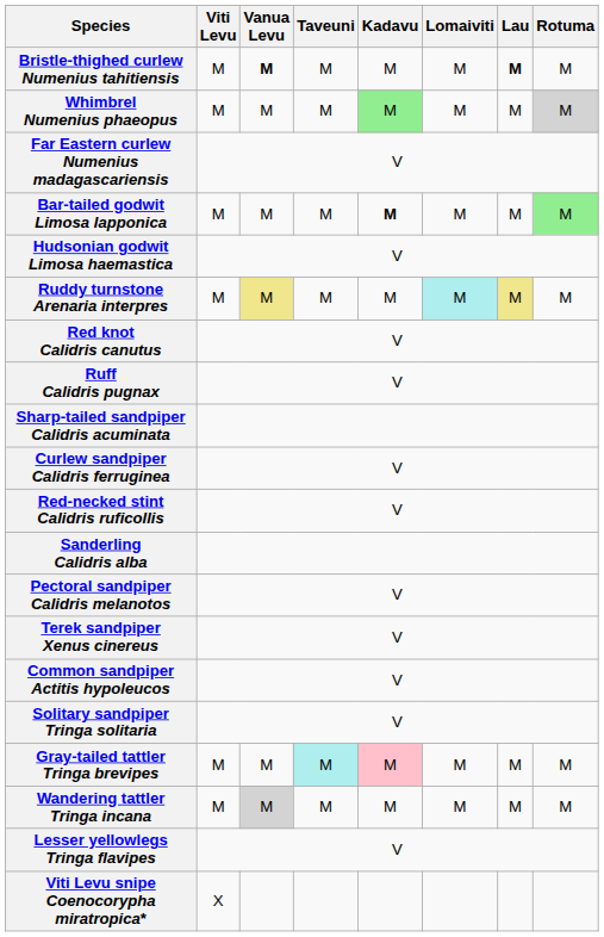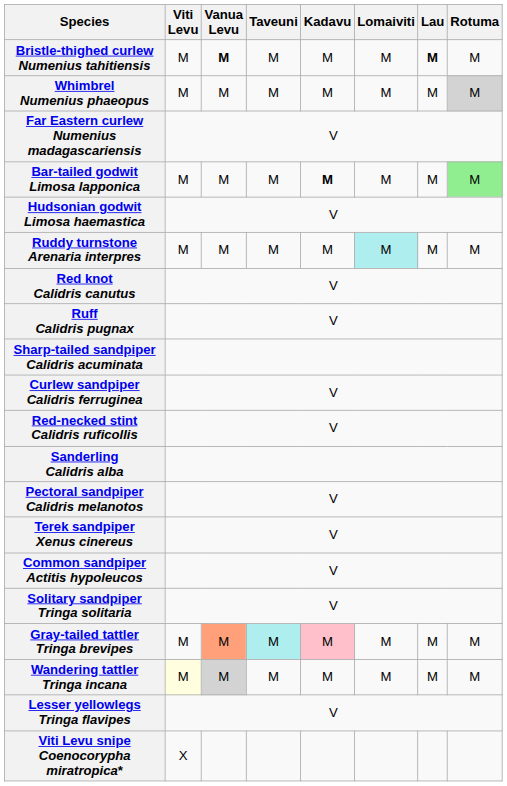 <table class="wikitable" style="text-align:center">
 <tr>
 <th width="225">Species</th>
 <th>Viti Levu</th>
 <th>Vanua Levu</th>
 <th>Taveuni</th>
 <th>Kadavu</th>
 <th>Lomaiviti</th>
 <th>Lau</th>
 <th>Rotuma</th>
 </tr>
 <tr>
 <th><a href='#'>Bristle-thighed curlew</a><br><em>Numenius tahitiensis</em></th>
 <td>M</td>
 <td><strong>M</strong></td>
 <td>M</td>
 <td>M</td>
 <td>M</td>
 <td><strong>M</strong></td>
 <td>M</td>
 </tr>
 <tr>
 <th><a href='#'>Whimbrel</a><br><em>Numenius phaeopus</em></th>
 <td>M</td>
 <td>M</td>
 <td>M</td>
-<td style="background: lightgreen;">M</td>
+<td>M</td>
 <td>M</td>
 <td>M</td>
 <td style="background: lightgrey;">M</td>
 </tr>
 <tr>
 <th><a href='#'>Far Eastern curlew</a><br><em>Numenius madagascariensis</em></th>
 <td colspan="8" align="center">V</td>
 </tr>
 <tr>
 <th><a href='#'>Bar-tailed godwit</a><br><em>Limosa lapponica</em></th>
 <td>M</td>
 <td>M</td>
 <td>M</td>
 <td><strong>M</strong></td>
 <td>M</td>
 <td>M</td>
 <td style="background: lightgreen;">M</td>
 </tr>
 <tr>
 <th><a href='#'>Hudsonian godwit</a><br><em>Limosa haemastica</em></th>
 <td colspan="8" align="center">V</td>
 </tr>
 <tr>
 <th><a href='#'>Ruddy turnstone</a><br><em>Arenaria interpres</em></th>
 <td>M</td>
-<td style="background: khaki;">M</td>
+<td>M</td>
 <td>M</td>
 <td>M</td>
 <td style="background: paleturquoise;">M</td>
-<td style="background: khaki;">M</td>
+<td>M</td>
 <td>M</td>
 </tr>
 <tr>
 <th><a href='#'>Red knot</a><br><em>Calidris canutus</em></th>
 <td colspan="8" align="center">V</td>
 </tr>
 <tr>
 <th><a href='#'>Ruff</a><br><em>Calidris pugnax</em></th>
 <td colspan="8" align="center">V</td>
 </tr>
 <tr>
 <th><a href='#'>Sharp-tailed sandpiper</a><br><em>Calidris acuminata</em></th>
 <td colspan="8" align="center"></td>
 </tr>
 <tr>
 <th><a href='#'>Curlew sandpiper</a><br><em>Calidris ferruginea</em></th>
 <td colspan="8" align="center">V</td>
 </tr>
 <tr>
 <th><a href='#'>Red-necked stint</a><br><em>Calidris ruficollis</em></th>
 <td colspan="8" align="center">V</td>
 </tr>
 <tr>
 <th><a href='#'>Sanderling</a><br><em>Calidris alba</em></th>
 <td colspan="8" align="center"></td>
 </tr>
 <tr>
 <th><a href='#'>Pectoral sandpiper</a><br><em>Calidris melanotos</em></th>
 <td colspan="8" align="center">V</td>
 </tr>
 <tr>
 <th><a href='#'>Terek sandpiper</a><br><em>Xenus cinereus</em></th>
 <td colspan="8" align="center">V</td>
 </tr>
 <tr>
 <th><a href='#'>Common sandpiper</a><br><em>Actitis hypoleucos</em></th>
 <td colspan="8" align="center">V</td>
 </tr>
 <tr>
 <th><a href='#'>Solitary sandpiper</a><br><em>Tringa solitaria</em></th>
 <td colspan="8" align="center">V</td>
 </tr>
 <tr>
 <th><a href='#'>Gray-tailed tattler</a><br><em>Tringa brevipes</em></th>
 <td>M</td>
-<td>M</td>
+<td style="background: lightsalmon;">M</td>
 <td style="background: paleturquoise;">M</td>
 <td style="background: pink;">M</td>
 <td>M</td>
 <td>M</td>
 <td>M</td>
 </tr>
 <tr>
 <th><a href='#'>Wandering tattler</a><br><em>Tringa incana</em></th>
-<td>M</td>
+<td style="background: lightyellow;">M</td>
 <td style="background: lightgrey;">M</td>
 <td>M</td>
 <td>M</td>
 <td>M</td>
 <td>M</td>
 <td>M</td>
 </tr>
 <tr>
 <th><a href='#'>Lesser yellowlegs</a><br><em>Tringa flavipes</em></th>
 <td colspan="8" align="center">V</td>
 </tr>
 <tr>
 <th><a href='#'>Viti Levu snipe</a><br><em>Coenocorypha miratropica</em>*</th>
 <td>X</td>
 <td></td>
 <td></td>
 <td></td>
 <td></td>
 <td></td>
 <td></td>
 </tr>
 </table>
